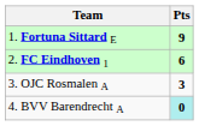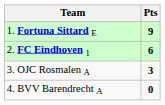 <table class="wikitable" style="text-align:center; float:left; margin-right:1em">
 <tr>
 <th style="width:200px">Team</th>
 <th width=20>Pts</th>
 </tr>
 <tr bgcolor=ccffcc>
 <td align=left>1. <strong><a href='#'>Fortuna Sittard</a></strong> <sub>E</sub></td>
 <td><strong>9</strong></td>
 </tr>
 <tr bgcolor=ccffcc>
 <td align=left>2. <strong><a href='#'>FC Eindhoven</a></strong> <sub>1</sub></td>
 <td><strong>6</strong></td>
 </tr>
 <tr>
 <td align=left>3. OJC Rosmalen <sub>A</sub></td>
 <td><strong>3</strong></td>
 </tr>
 <tr>
 <td align=left>4. BVV Barendrecht <sub>A</sub></td>
-<td style="background: paleturquoise;"><strong>0</strong></td>
+<td><strong>0</strong></td>
 </tr>
 </table>
